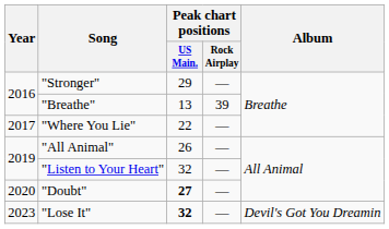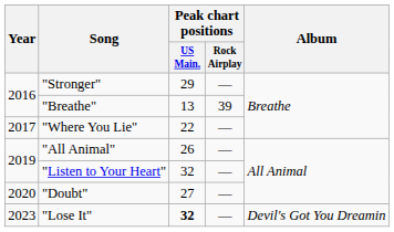 <table class="wikitable">
 <tr>
 <th rowspan="2">Year</th>
 <th rowspan="2">Song</th>
 <th colspan="2">Peak chart positions</th>
 <th rowspan="2">Album</th>
 </tr>
 <tr>
 <th style="width:3em;font-size:75%"><a href='#'>US<br>Main.</a><br></th>
 <th style="width:3em;font-size:75%">Rock Airplay</th>
 </tr>
 <tr>
 <td style="text-align:center;" rowspan="2">2016</td>
 <td>"Stronger"</td>
 <td style="text-align:center;">29</td>
 <td style="text-align:center;">—</td>
 <td rowspan="3"><em>Breathe</em></td>
 </tr>
 <tr>
 <td>"Breathe"</td>
 <td style="text-align:center;">13</td>
 <td style="text-align:center;">39</td>
 </tr>
 <tr>
 <td style="text-align:center;">2017</td>
 <td>"Where You Lie"</td>
 <td style="text-align:center;">22</td>
 <td style="text-align:center;">—</td>
 </tr>
 <tr>
 <td style="text-align:center;" rowspan="2">2019</td>
 <td>"All Animal"</td>
 <td style="text-align:center;">26</td>
 <td style="text-align:center;">—</td>
 <td rowspan="3"><em>All Animal</em></td>
 </tr>
 <tr>
 <td>"<a href='#'>Listen to Your Heart</a>"</td>
 <td style="text-align:center;">32</td>
 <td style="text-align:center;">—</td>
 </tr>
 <tr>
 <td style="text-align:center;">2020</td>
 <td>"Doubt"</td>
-<td style="text-align:center;"><strong>27</strong></td>
+<td style="text-align:center;">27</td>
 <td style="text-align:center;">—</td>
 </tr>
 <tr>
 <td style="text-align:center;">2023</td>
 <td>"Lose It"</td>
 <td style="text-align:center;"><strong>32</strong></td>
 <td style="text-align:center;">—</td>
 <td><em>Devil's Got You Dreamin<strong></td>
 </tr>
 </table>
